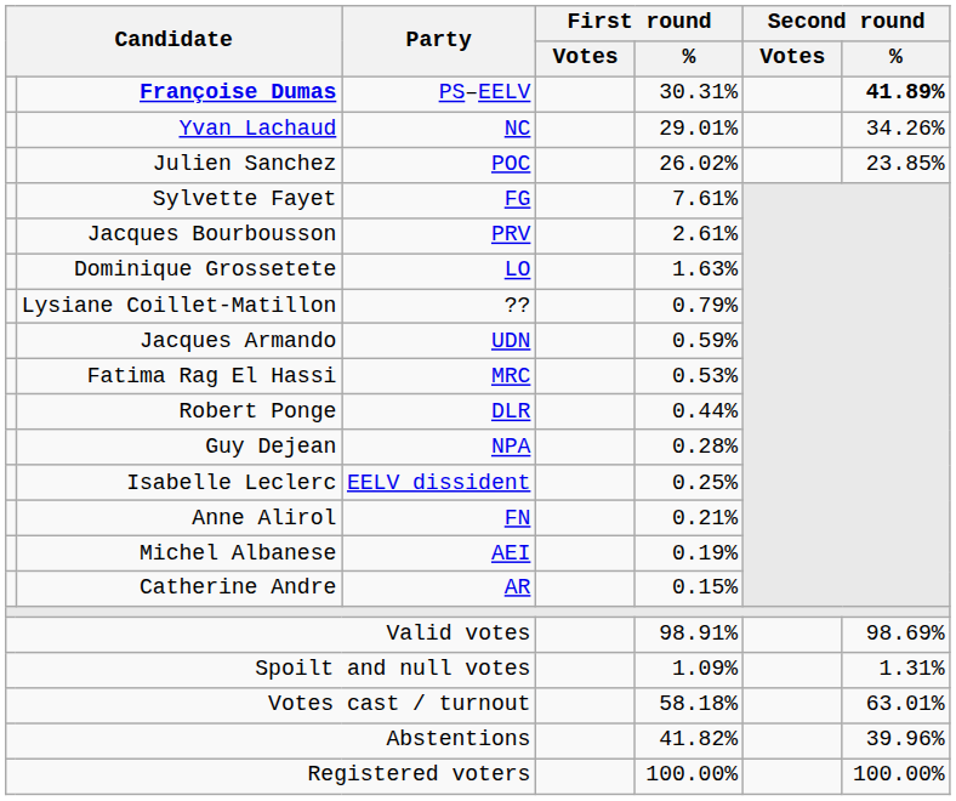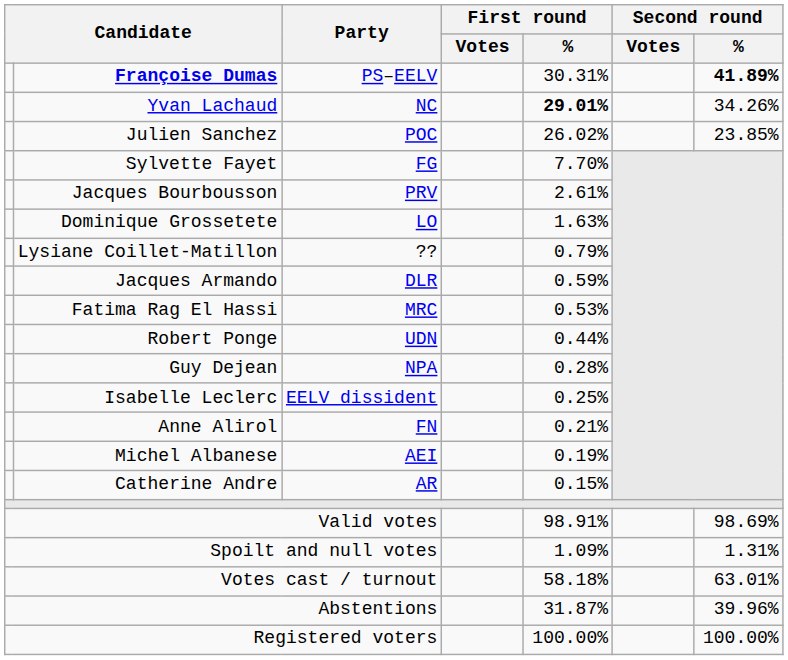 <table class="wikitable" style="text-align:right;font-size:95%;">
 <tr>
 <th rowspan=2 colspan=2>Candidate</th>
 <th rowspan=2 colspan=1>Party</th>
 <th colspan=2>First round</th>
 <th colspan=2>Second round</th>
 </tr>
 <tr>
 <th style="width:50px;">Votes</th>
 <th style="width:55px;">%</th>
 <th style="width:50px;">Votes</th>
 <th style="width:55px;">%</th>
 </tr>
 <tr>
 <td style="color:inherit;background-color:"></td>
 <td><strong><a href='#'>Françoise Dumas</a></strong></td>
 <td><a href='#'>PS</a>–<a href='#'>EELV</a></td>
 <td></td>
 <td>30.31%</td>
 <td><strong></strong></td>
 <td><strong>41.89%</strong></td>
 </tr>
 <tr>
 <td style="color:inherit;background-color:"></td>
 <td><a href='#'>Yvan Lachaud</a></td>
 <td><a href='#'>NC</a></td>
 <td></td>
-<td>29.01%</td>
+<td><strong>29.01%</strong></td>
 <td></td>
 <td>34.26%</td>
 </tr>
 <tr>
 <td style="color:inherit;background-color:"></td>
 <td>Julien Sanchez</td>
 <td><a href='#'>POC</a></td>
 <td></td>
 <td>26.02%</td>
 <td></td>
 <td>23.85%</td>
 </tr>
 <tr>
 <td style="color:inherit;background-color:"></td>
 <td>Sylvette Fayet</td>
 <td><a href='#'>FG</a></td>
 <td></td>
-<td>7.61%</td>
+<td>7.70%</td>
 <td colspan=7 rowspan=12 style="background-color:#E9E9E9;"></td>
 </tr>
 <tr>
 <td style="color:inherit;background-color:"></td>
 <td>Jacques Bourbousson</td>
 <td><a href='#'>PRV</a></td>
 <td></td>
 <td>2.61%</td>
 </tr>
 <tr>
 <td style="color:inherit;background-color:"></td>
 <td>Dominique Grossetete</td>
 <td><a href='#'>LO</a></td>
 <td></td>
 <td>1.63%</td>
 </tr>
 <tr>
 <td style="background-color:;"></td>
 <td>Lysiane Coillet-Matillon</td>
 <td>??</td>
 <td></td>
 <td>0.79%</td>
 </tr>
 <tr>
 <td style="color:inherit;background-color:"></td>
 <td>Jacques Armando</td>
-<td><a href='#'>UDN</a></td>
+<td><a href='#'>DLR</a></td>
 <td></td>
 <td>0.59%</td>
 </tr>
 <tr>
 <td style="color:inherit;background-color:"></td>
 <td>Fatima Rag El Hassi</td>
 <td><a href='#'>MRC</a></td>
 <td></td>
 <td>0.53%</td>
 </tr>
 <tr>
 <td style="color:inherit;background-color:"></td>
 <td>Robert Ponge</td>
-<td><a href='#'>DLR</a></td>
+<td><a href='#'>UDN</a></td>
 <td></td>
 <td>0.44%</td>
 </tr>
 <tr>
 <td style="color:inherit;background-color:"></td>
 <td>Guy Dejean</td>
 <td><a href='#'>NPA</a></td>
 <td></td>
 <td>0.28%</td>
 </tr>
 <tr>
 <td style="color:inherit;background-color:"></td>
 <td>Isabelle Leclerc</td>
 <td><a href='#'>EELV dissident</a></td>
 <td></td>
 <td>0.25%</td>
 </tr>
 <tr>
 <td style="color:inherit;background-color:"></td>
 <td>Anne Alirol</td>
 <td><a href='#'>FN</a></td>
 <td></td>
 <td>0.21%</td>
 </tr>
 <tr>
 <td style="color:inherit;background-color:"></td>
 <td>Michel Albanese</td>
 <td><a href='#'>AEI</a></td>
 <td></td>
 <td>0.19%</td>
 </tr>
 <tr>
 <td style="color:inherit;background-color:"></td>
 <td>Catherine Andre</td>
 <td><a href='#'>AR</a></td>
 <td></td>
 <td>0.15%</td>
 </tr>
 <tr>
 <td colspan=7 style="background-color:#E9E9E9;"></td>
 </tr>
 <tr>
 <td colspan=3>Valid votes</td>
 <td></td>
 <td>98.91%</td>
 <td></td>
 <td>98.69%</td>
 </tr>
 <tr>
 <td colspan=3>Spoilt and null votes</td>
 <td></td>
 <td>1.09%</td>
 <td></td>
 <td>1.31%</td>
 </tr>
 <tr>
 <td colspan=3>Votes cast / turnout</td>
 <td></td>
 <td>58.18%</td>
 <td></td>
 <td>63.01%</td>
 </tr>
 <tr>
 <td colspan=3>Abstentions</td>
 <td></td>
-<td>41.82%</td>
+<td>31.87%</td>
 <td></td>
 <td>39.96%</td>
 </tr>
 <tr>
 <td colspan=3>Registered voters</td>
 <td></td>
 <td>100.00%</td>
 <td></td>
 <td>100.00%</td>
 </tr>
 </table>
